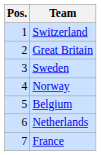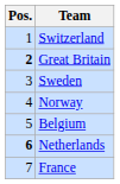 <table class="wikitable">
 <tr>
 <th>Pos.</th>
 <th>Team</th>
 </tr>
 <tr bgcolor="#CAE1FF" align="right">
 <td>1</td>
 <td align="left"> <a href='#'>Switzerland</a></td>
 </tr>
 <tr bgcolor="#CAE1FF" align="right">
-<td>2</td>
+<td><strong>2</strong></td>
 <td align="left"> <a href='#'>Great Britain</a></td>
 </tr>
 <tr bgcolor="#CAE1FF" align="right">
 <td>3</td>
 <td align="left"> <a href='#'>Sweden</a></td>
 </tr>
 <tr bgcolor="#CAE1FF" align="right">
 <td>4</td>
 <td align="left"> <a href='#'>Norway</a></td>
 </tr>
 <tr bgcolor="#CAE1FF" align="right">
 <td>5</td>
 <td align="left"> <a href='#'>Belgium</a></td>
 </tr>
 <tr bgcolor="#CAE1FF" align="right">
-<td>6</td>
+<td><strong>6</strong></td>
 <td align="left"> <a href='#'>Netherlands</a></td>
 </tr>
 <tr bgcolor="#CAE1FF" align="right">
 <td>7</td>
 <td align="left"> <a href='#'>France</a></td>
 </tr>
 </table>
